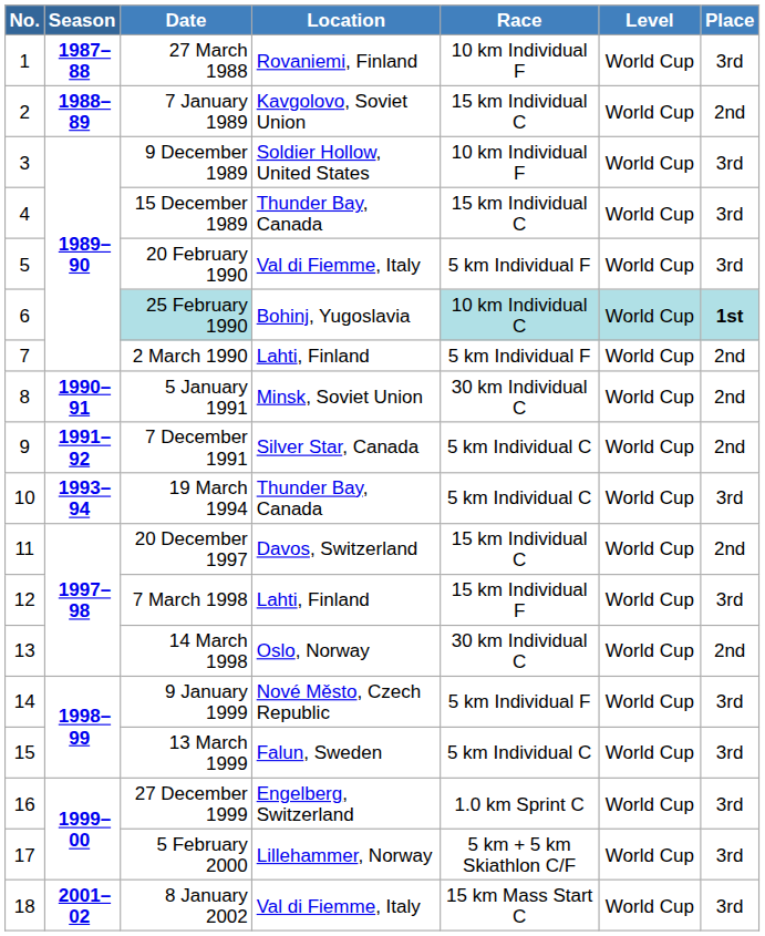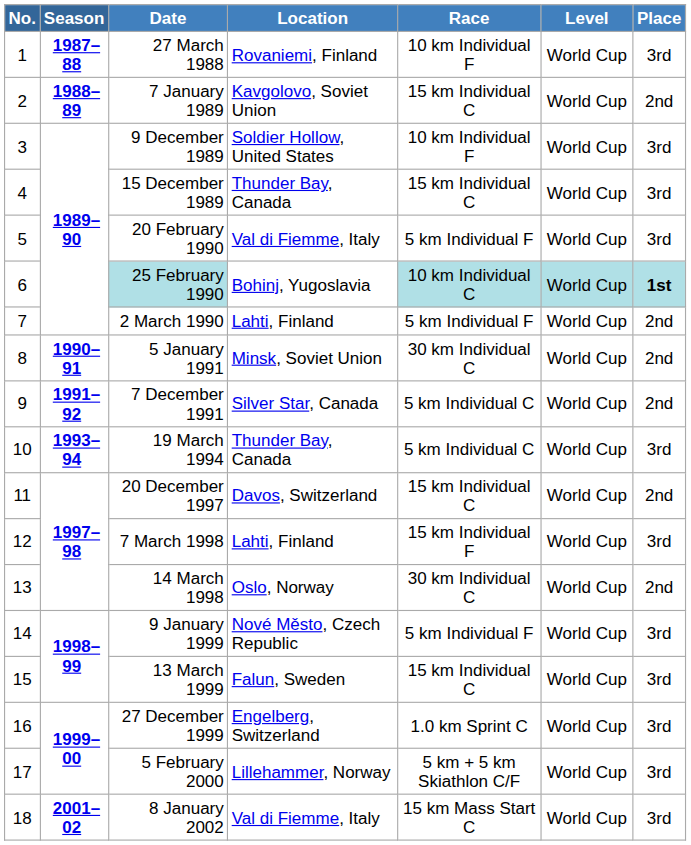 <table class="wikitable sortable" style="font-size:95%; text-align:center; border:grey solid 1px; border-collapse:collapse; background:#ffffff;">
 <tr style="background:#efefef;">
 <th style="background-color:#369; color:white;">No.</th>
 <th style="background-color:#369; color:white;">Season</th>
 <th style="background-color:#4180be; color:white; width:120px;">Date</th>
 <th style="background-color:#4180be; color:white; width:185px;">Location</th>
 <th style="background-color:#4180be; color:white; width:160px;">Race</th>
 <th style="background-color:#4180be; color:white; width:100px;">Level</th>
 <th style="background-color:#4180be; color:white;">Place</th>
 </tr>
 <tr>
 <td align=center>1</td>
 <td rowspan=1 align=center><strong> <a href='#'>1987–88</a> </strong></td>
 <td align=right>27 March 1988</td>
 <td align=left> <a href='#'>Rovaniemi</a>, Finland</td>
 <td>10 km Individual F</td>
 <td>World Cup</td>
 <td>3rd</td>
 </tr>
 <tr>
 <td align=center>2</td>
 <td rowspan=1 align=center><strong> <a href='#'>1988–89</a> </strong></td>
 <td align=right>7 January 1989</td>
 <td align=left> <a href='#'>Kavgolovo</a>, Soviet Union</td>
 <td>15 km Individual C</td>
 <td>World Cup</td>
 <td>2nd</td>
 </tr>
 <tr>
 <td align=center>3</td>
 <td rowspan=5 align=center><strong> <a href='#'>1989–90</a> </strong></td>
 <td align=right>9 December 1989</td>
 <td align=left> <a href='#'>Soldier Hollow</a>, United States</td>
 <td>10 km Individual F</td>
 <td>World Cup</td>
 <td>3rd</td>
 </tr>
 <tr>
 <td align=center>4</td>
 <td align=right>15 December 1989</td>
 <td align=left> <a href='#'>Thunder Bay</a>, Canada</td>
 <td>15 km Individual C</td>
 <td>World Cup</td>
 <td>3rd</td>
 </tr>
 <tr>
 <td align=center>5</td>
 <td align=right>20 February 1990</td>
 <td align=left> <a href='#'>Val di Fiemme</a>, Italy</td>
 <td>5 km Individual F</td>
 <td>World Cup</td>
 <td>3rd</td>
 </tr>
 <tr>
 <td align=center>6</td>
 <td bgcolor="#BOEOE6" align=right>25 February 1990</td>
 <td align=left> <a href='#'>Bohinj</a>, Yugoslavia</td>
 <td bgcolor="#BOEOE6">10 km Individual C</td>
 <td bgcolor="#BOEOE6">World Cup</td>
 <td bgcolor="#BOEOE6"><strong>1st</strong></td>
 </tr>
 <tr>
 <td align=center>7</td>
 <td align=right>2 March 1990</td>
 <td align=left> <a href='#'>Lahti</a>, Finland</td>
 <td>5 km Individual F</td>
 <td>World Cup</td>
 <td>2nd</td>
 </tr>
 <tr>
 <td align=center>8</td>
 <td rowspan=1 align=center><strong> <a href='#'>1990–91</a> </strong></td>
 <td align=right>5 January 1991</td>
 <td align=left> <a href='#'>Minsk</a>, Soviet Union</td>
 <td>30 km Individual C</td>
 <td>World Cup</td>
 <td>2nd</td>
 </tr>
 <tr>
 <td align=center>9</td>
 <td rowspan=1 align=center><strong> <a href='#'>1991–92</a> </strong></td>
 <td align=right>7 December 1991</td>
 <td align=left> <a href='#'>Silver Star</a>, Canada</td>
 <td>5 km Individual C</td>
 <td>World Cup</td>
 <td>2nd</td>
 </tr>
 <tr>
 <td align=center>10</td>
 <td rowspan=1 align=center><strong> <a href='#'>1993–94</a> </strong></td>
 <td align=right>19 March 1994</td>
 <td align=left> <a href='#'>Thunder Bay</a>, Canada</td>
 <td>5 km Individual C</td>
 <td>World Cup</td>
 <td>3rd</td>
 </tr>
 <tr>
 <td align=center>11</td>
 <td rowspan=3 align=center><strong> <a href='#'>1997–98</a> </strong></td>
 <td align=right>20 December 1997</td>
 <td align=left> <a href='#'>Davos</a>, Switzerland</td>
 <td>15 km Individual C</td>
 <td>World Cup</td>
 <td>2nd</td>
 </tr>
 <tr>
 <td align=center>12</td>
 <td align=right>7 March 1998</td>
 <td align=left> <a href='#'>Lahti</a>, Finland</td>
 <td>15 km Individual F</td>
 <td>World Cup</td>
 <td>3rd</td>
 </tr>
 <tr>
 <td align=center>13</td>
 <td align=right>14 March 1998</td>
 <td align=left> <a href='#'>Oslo</a>, Norway</td>
 <td>30 km Individual C</td>
 <td>World Cup</td>
 <td>2nd</td>
 </tr>
 <tr>
 <td align=center>14</td>
 <td rowspan=2 align=center><strong> <a href='#'>1998–99</a> </strong></td>
 <td align=right>9 January 1999</td>
 <td align=left> <a href='#'>Nové Město</a>, Czech Republic</td>
 <td>5 km Individual F</td>
 <td>World Cup</td>
 <td>3rd</td>
 </tr>
 <tr>
 <td align=center>15</td>
 <td align=right>13 March 1999</td>
 <td align=left> <a href='#'>Falun</a>, Sweden</td>
-<td>5 km Individual C</td>
+<td>15 km Individual C</td>
 <td>World Cup</td>
 <td>3rd</td>
 </tr>
 <tr>
 <td align=center>16</td>
 <td rowspan=2 align=center><strong> <a href='#'>1999–00</a> </strong></td>
 <td align=right>27 December 1999</td>
 <td align=left> <a href='#'>Engelberg</a>, Switzerland</td>
 <td>1.0 km Sprint C</td>
 <td>World Cup</td>
 <td>3rd</td>
 </tr>
 <tr>
 <td align=center>17</td>
 <td align=right>5 February 2000</td>
 <td align=left> <a href='#'>Lillehammer</a>, Norway</td>
 <td>5 km + 5 km Skiathlon C/F</td>
 <td>World Cup</td>
 <td>3rd</td>
 </tr>
 <tr>
 <td align=center>18</td>
 <td rowspan=1 align=center><strong> <a href='#'>2001–02</a> </strong></td>
 <td align=right>8 January 2002</td>
 <td align=left> <a href='#'>Val di Fiemme</a>, Italy</td>
 <td>15 km Mass Start C</td>
 <td>World Cup</td>
 <td>3rd</td>
 </tr>
 </table>
